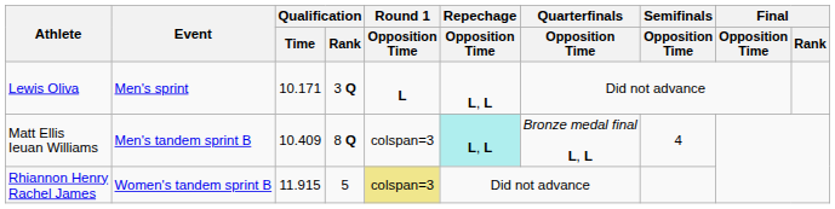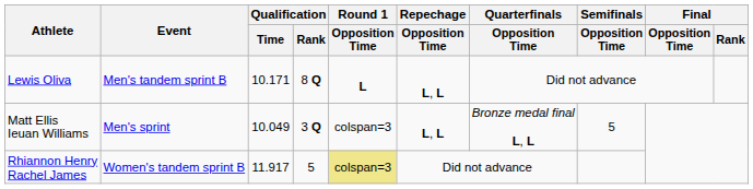 <table class="wikitable" style="font-size:90%;">
 <tr>
 <th rowspan=2>Athlete</th>
 <th rowspan=2>Event</th>
 <th colspan=2>Qualification</th>
 <th>Round 1</th>
 <th>Repechage</th>
 <th>Quarterfinals</th>
 <th>Semifinals</th>
 <th colspan=2>Final</th>
 </tr>
 <tr style="font-size:95%">
 <th>Time</th>
 <th>Rank</th>
 <th>Opposition<br>Time</th>
 <th>Opposition<br>Time</th>
 <th>Opposition<br>Time</th>
 <th>Opposition<br>Time</th>
 <th>Opposition<br>Time</th>
 <th>Rank</th>
 </tr>
 <tr align=center>
 <td align=left><a href='#'>Lewis Oliva</a></td>
-<td align=left><a href='#'>Men's sprint</a></td>
+<td align=left><a href='#'>Men's tandem sprint B</a></td>
 <td>10.171</td>
-<td>3 <strong>Q</strong></td>
+<td>8 <strong>Q</strong></td>
 <td><br> <strong>L</strong></td>
 <td><br><br><strong>L</strong>, <strong>L</strong></td>
 <td colspan=3>Did not advance</td>
 <td></td>
 </tr>
 <tr align=center>
 <td align=left>Matt Ellis<br>Ieuan Williams</td>
-<td align=left><a href='#'>Men's tandem sprint B</a></td>
-<td>10.409</td>
-<td>8 <strong>Q</strong></td>
+<td align=left><a href='#'>Men's sprint</a></td>
+<td>10.049</td>
+<td>3 <strong>Q</strong></td>
 <td>colspan=3 </td>
-<td style="background: paleturquoise;"><br><strong>L</strong>, <strong>L</strong></td>
+<td><br><strong>L</strong>, <strong>L</strong></td>
 <td><em>Bronze medal final</em><br><br><strong>L</strong>, <strong>L</strong></td>
-<td>4</td>
+<td>5</td>
 </tr>
 <tr align=center>
 <td align=left><a href='#'>Rhiannon Henry</a><br><a href='#'>Rachel James</a></td>
 <td align=left rowspan=2><a href='#'>Women's tandem sprint B</a></td>
-<td>11.915</td>
+<td>11.917</td>
 <td>5</td>
 <td style="background: khaki;">colspan=3 </td>
 <td colspan=2>Did not advance</td>
 <td></td>
 </tr>
 </table>
